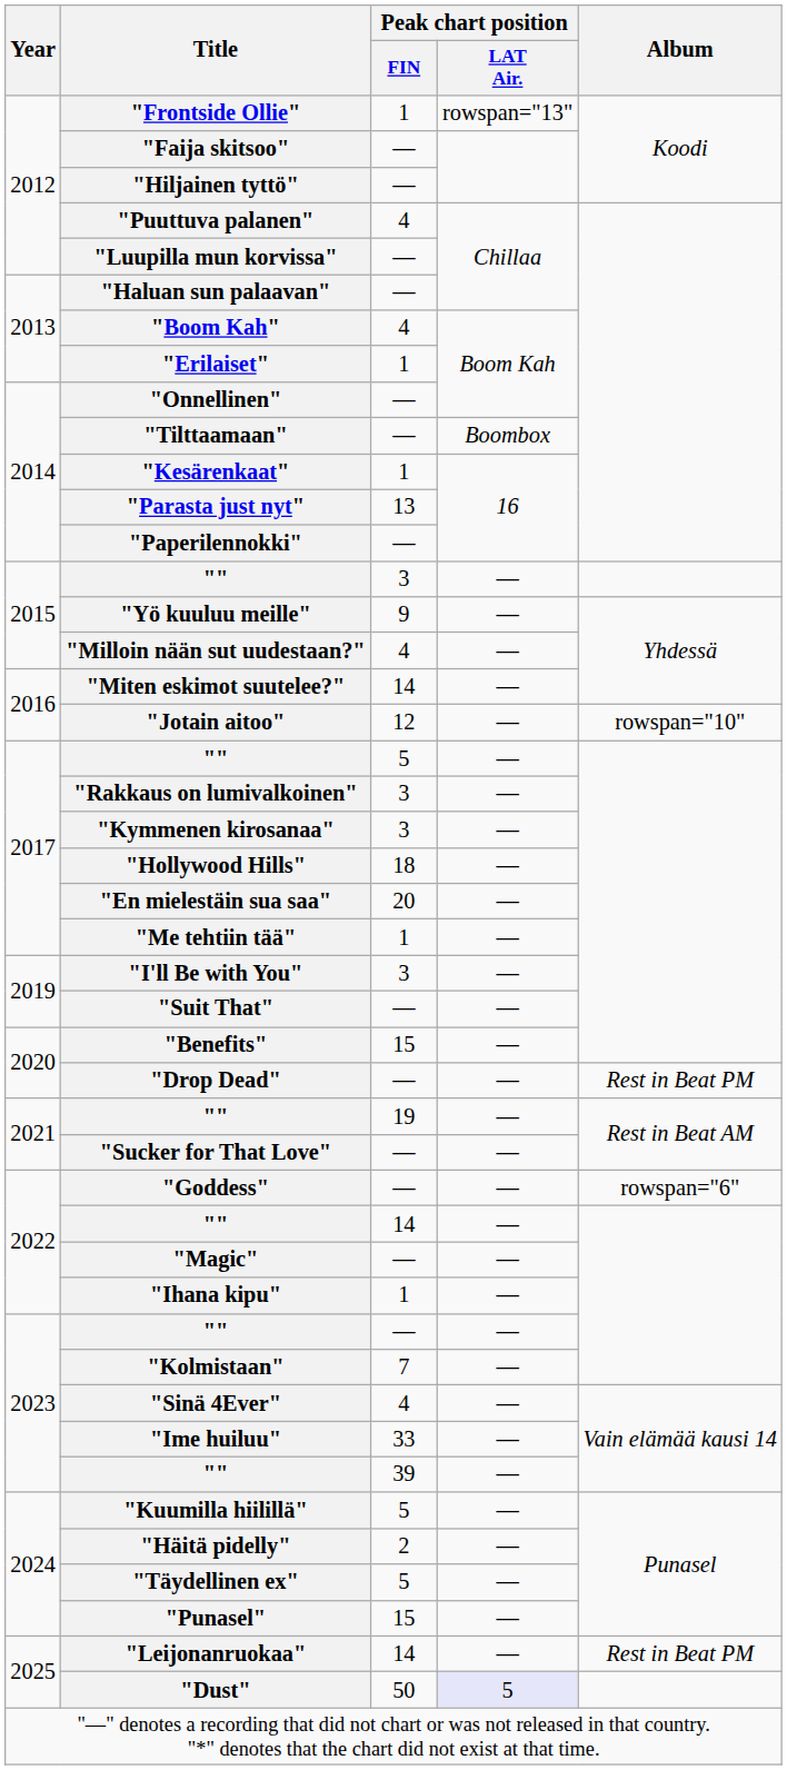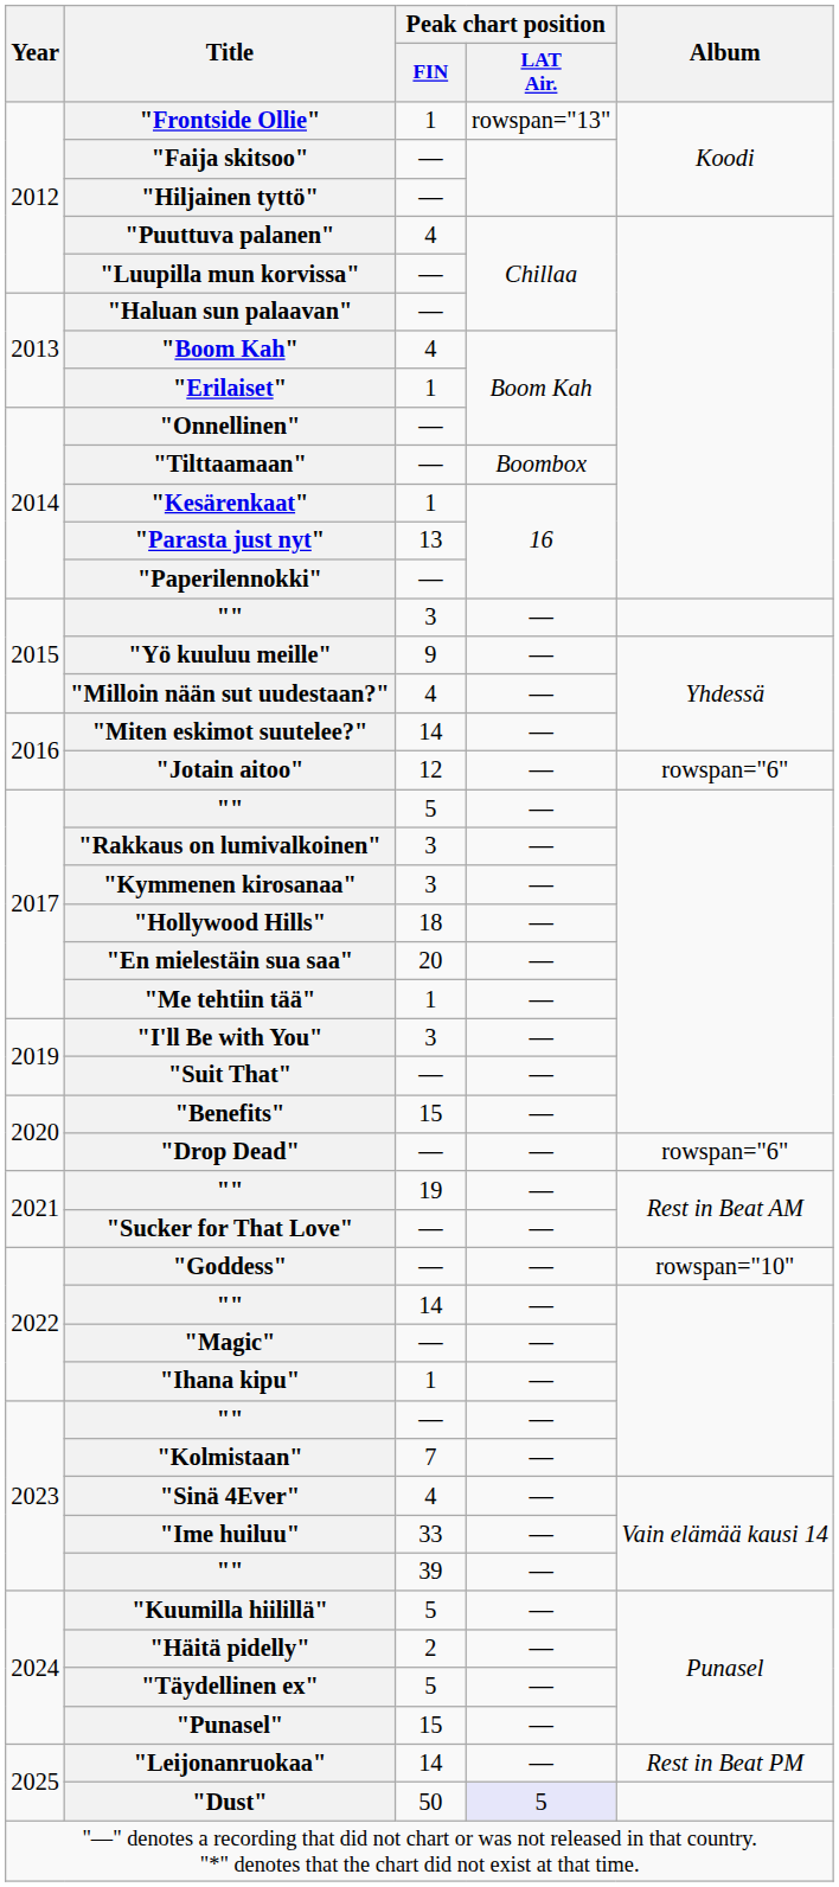 <table class="wikitable plainrowheaders" style="text-align:center;" border="1">
 <tr>
 <th scope="col" rowspan="2">Year</th>
 <th scope="col" rowspan="2">Title</th>
 <th scope="col" colspan="2">Peak chart position</th>
 <th scope="col" rowspan="2">Album</th>
 </tr>
 <tr>
 <th scope="col" style="width:3em;font-size:85%;"><a href='#'>FIN</a><br></th>
 <th scope="col" style="width:3em;font-size:85%;"><a href='#'>LAT<br>Air.</a><br></th>
 </tr>
 <tr>
 <td rowspan="5">2012</td>
 <th scope="row">"<a href='#'>Frontside Ollie</a>"</th>
 <td>1</td>
 <td>rowspan="13" </td>
 <td rowspan="3"><em>Koodi</em></td>
 </tr>
 <tr>
 <th scope="row">"Faija skitsoo"</th>
 <td>—</td>
 </tr>
 <tr>
 <th scope="row">"Hiljainen tyttö"</th>
 <td>—</td>
 </tr>
 <tr>
 <th scope="row">"Puuttuva palanen"<br></th>
 <td>4</td>
 <td rowspan="3"><em>Chillaa</em></td>
 </tr>
 <tr>
 <th scope="row">"Luupilla mun korvissa"</th>
 <td>—</td>
 </tr>
 <tr>
 <td rowspan="3">2013</td>
 <th scope="row">"Haluan sun palaavan"</th>
 <td>—</td>
 </tr>
 <tr>
 <th scope="row">"<a href='#'>Boom Kah</a>"<br></th>
 <td>4</td>
 <td rowspan="3"><em>Boom Kah</em></td>
 </tr>
 <tr>
 <th scope="row">"<a href='#'>Erilaiset</a>"</th>
 <td>1</td>
 </tr>
 <tr>
 <td rowspan="5">2014</td>
 <th scope="row">"Onnellinen"</th>
 <td>—</td>
 </tr>
 <tr>
 <th scope="row">"Tilttaamaan"<br></th>
 <td>—</td>
 <td><em>Boombox</em></td>
 </tr>
 <tr>
 <th scope="row">"<a href='#'>Kesärenkaat</a>"</th>
 <td>1</td>
 <td rowspan="3"><em>16</em></td>
 </tr>
 <tr>
 <th scope="row">"<a href='#'>Parasta just nyt</a>"<br></th>
 <td>13</td>
 </tr>
 <tr>
 <th scope="row">"Paperilennokki"</th>
 <td>—</td>
 </tr>
 <tr>
 <td rowspan="3">2015</td>
 <th scope="row">""<br></th>
 <td>3</td>
 <td>—</td>
 <td></td>
 </tr>
 <tr>
 <th scope="row">"Yö kuuluu meille"<br></th>
 <td>9</td>
 <td>—</td>
 <td rowspan="3"><em>Yhdessä</em></td>
 </tr>
 <tr>
 <th scope="row">"Milloin nään sut uudestaan?"<br></th>
 <td>4</td>
 <td>—</td>
 </tr>
 <tr>
 <td rowspan="2">2016</td>
 <th scope="row">"Miten eskimot suutelee?"<br></th>
 <td>14</td>
 <td>—</td>
 </tr>
 <tr>
 <th scope="row">"Jotain aitoo"</th>
 <td>12</td>
 <td>—</td>
-<td>rowspan="10" </td>
+<td>rowspan="6" </td>
 </tr>
 <tr>
 <td rowspan="6">2017</td>
 <th scope="row">""<br></th>
 <td>5</td>
 <td>—</td>
 </tr>
 <tr>
 <th scope="row">"Rakkaus on lumivalkoinen"</th>
 <td>3</td>
 <td>—</td>
 </tr>
 <tr>
 <th scope="row">"Kymmenen kirosanaa"</th>
 <td>3</td>
 <td>—</td>
 </tr>
 <tr>
 <th scope="row">"Hollywood Hills"</th>
 <td>18</td>
 <td>—</td>
 </tr>
 <tr>
 <th scope="row">"En mielestäin sua saa"</th>
 <td>20</td>
 <td>—</td>
 </tr>
 <tr>
 <th scope="row">"Me tehtiin tää"</th>
 <td>1</td>
 <td>—</td>
 </tr>
 <tr>
 <td rowspan="2">2019</td>
 <th scope="row">"I'll Be with You"<br></th>
 <td>3</td>
 <td>—</td>
 </tr>
 <tr>
 <th scope="row">"Suit That"</th>
 <td>—</td>
 <td>—</td>
 </tr>
 <tr>
 <td rowspan="2">2020</td>
 <th scope="row">"Benefits"</th>
 <td>15</td>
 <td>—</td>
 </tr>
 <tr>
 <th scope="row">"Drop Dead"</th>
 <td>—</td>
 <td>—</td>
-<td><em>Rest in Beat PM</em></td>
+<td>rowspan="6" </td>
 </tr>
 <tr>
 <td rowspan="2">2021</td>
 <th scope="row">""<br></th>
 <td>19</td>
 <td>—</td>
 <td rowspan="2"><em>Rest in Beat AM</em></td>
 </tr>
 <tr>
 <th scope="row">"Sucker for That Love"<br></th>
 <td>—</td>
 <td>—</td>
 </tr>
 <tr>
 <td rowspan="4">2022</td>
 <th scope="row">"Goddess"</th>
 <td>—</td>
 <td>—</td>
-<td>rowspan="6" </td>
+<td>rowspan="10" </td>
 </tr>
 <tr>
 <th scope="row">""</th>
 <td>14</td>
 <td>—</td>
 </tr>
 <tr>
 <th scope="row">"Magic"<br></th>
 <td>—</td>
 <td>—</td>
 </tr>
 <tr>
 <th scope="row">"Ihana kipu"<br></th>
 <td>1</td>
 <td>—</td>
 </tr>
 <tr>
 <td rowspan="5">2023</td>
 <th scope="row">""</th>
 <td>—</td>
 <td>—</td>
 </tr>
 <tr>
 <th scope="row">"Kolmistaan"<br></th>
 <td>7</td>
 <td>—</td>
 </tr>
 <tr>
 <th scope="row">"Sinä 4Ever"</th>
 <td>4</td>
 <td>—</td>
 <td rowspan="3"><em>Vain elämää kausi 14</em></td>
 </tr>
 <tr>
 <th scope="row">"Ime huiluu"</th>
 <td>33</td>
 <td>—</td>
 </tr>
 <tr>
 <th scope="row">""<br></th>
 <td>39</td>
 <td>—</td>
 </tr>
 <tr>
 <td rowspan="4">2024</td>
 <th scope="row">"Kuumilla hiilillä"</th>
 <td>5</td>
 <td>—</td>
 <td rowspan="4"><em>Punasel</em></td>
 </tr>
 <tr>
 <th scope="row">"Häitä pidelly"<br></th>
 <td>2</td>
 <td>—</td>
 </tr>
 <tr>
 <th scope="row">"Täydellinen ex"</th>
 <td>5</td>
 <td>—</td>
 </tr>
 <tr>
 <th scope="row">"Punasel"</th>
 <td>15</td>
 <td>—</td>
 </tr>
 <tr>
 <td rowspan="2">2025</td>
 <th scope="row">"Leijonanruokaa"<br></th>
 <td>14</td>
 <td>—</td>
 <td><em>Rest in Beat PM</em></td>
 </tr>
 <tr>
 <th scope="row">"Dust"<br></th>
 <td>50<br></td>
 <td style="background: lavender;">5</td>
 </tr>
 <tr>
 <td colspan="5" style="font-size:90%">"—" denotes a recording that did not chart or was not released in that country.<br>"*" denotes that the chart did not exist at that time.</td>
 </tr>
 </table>
